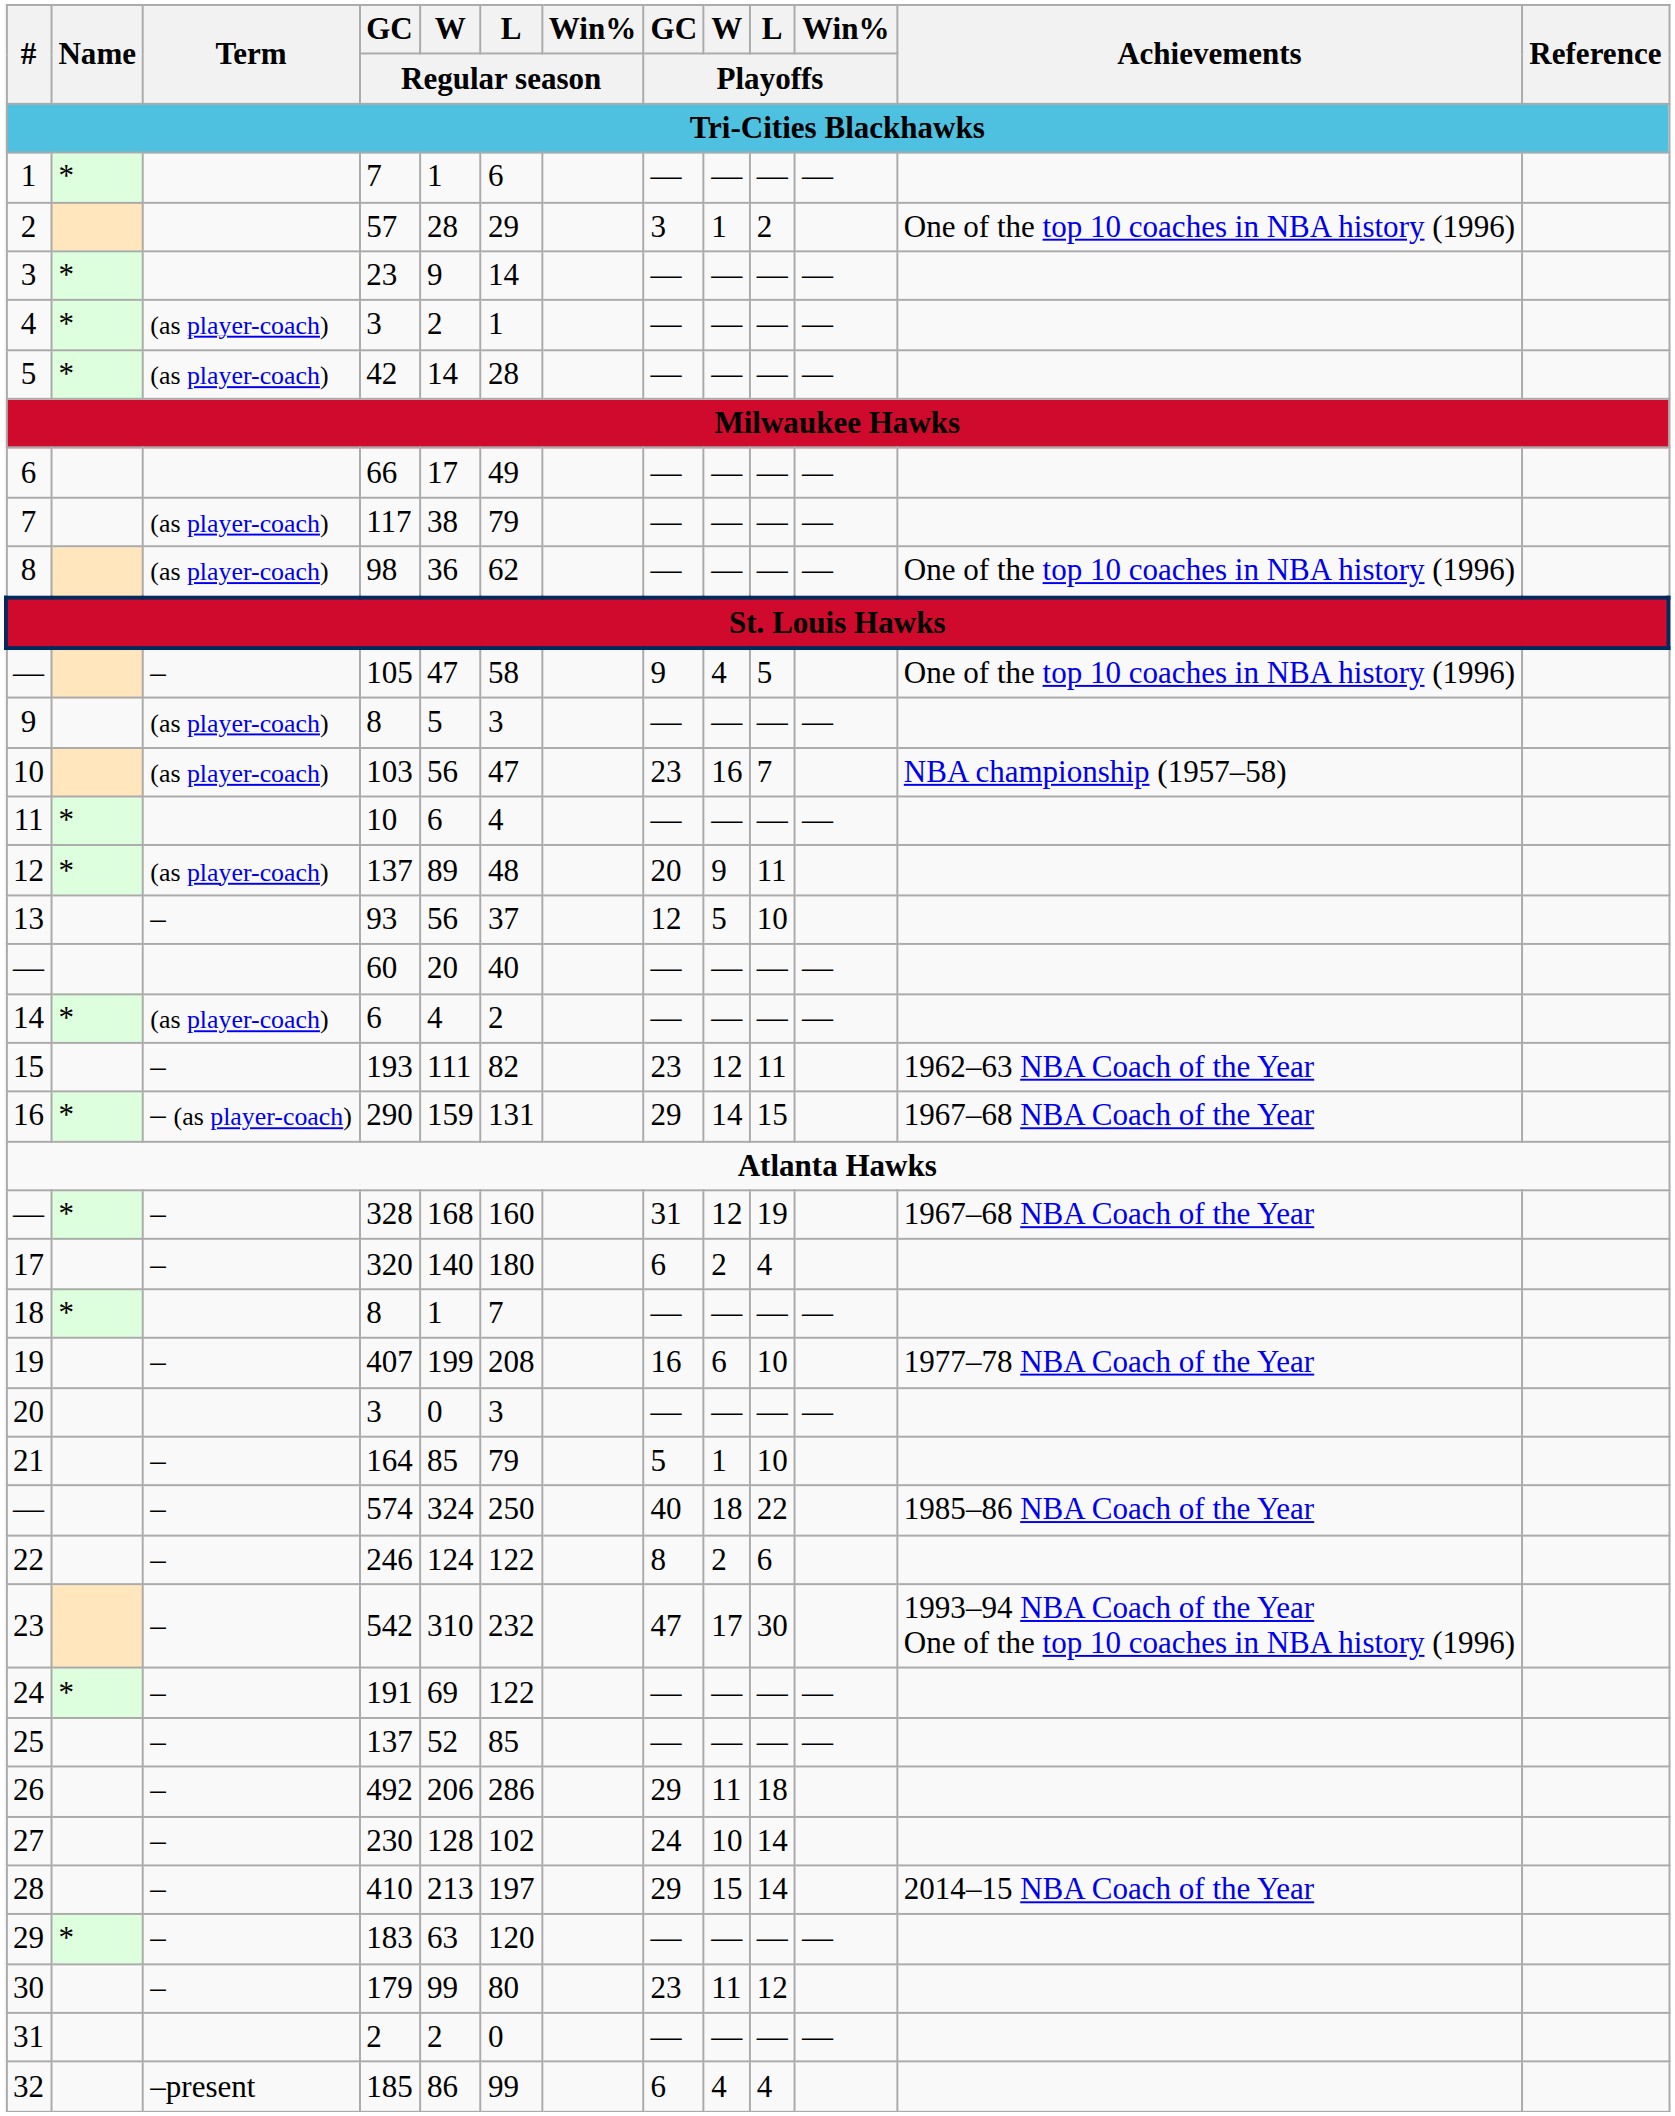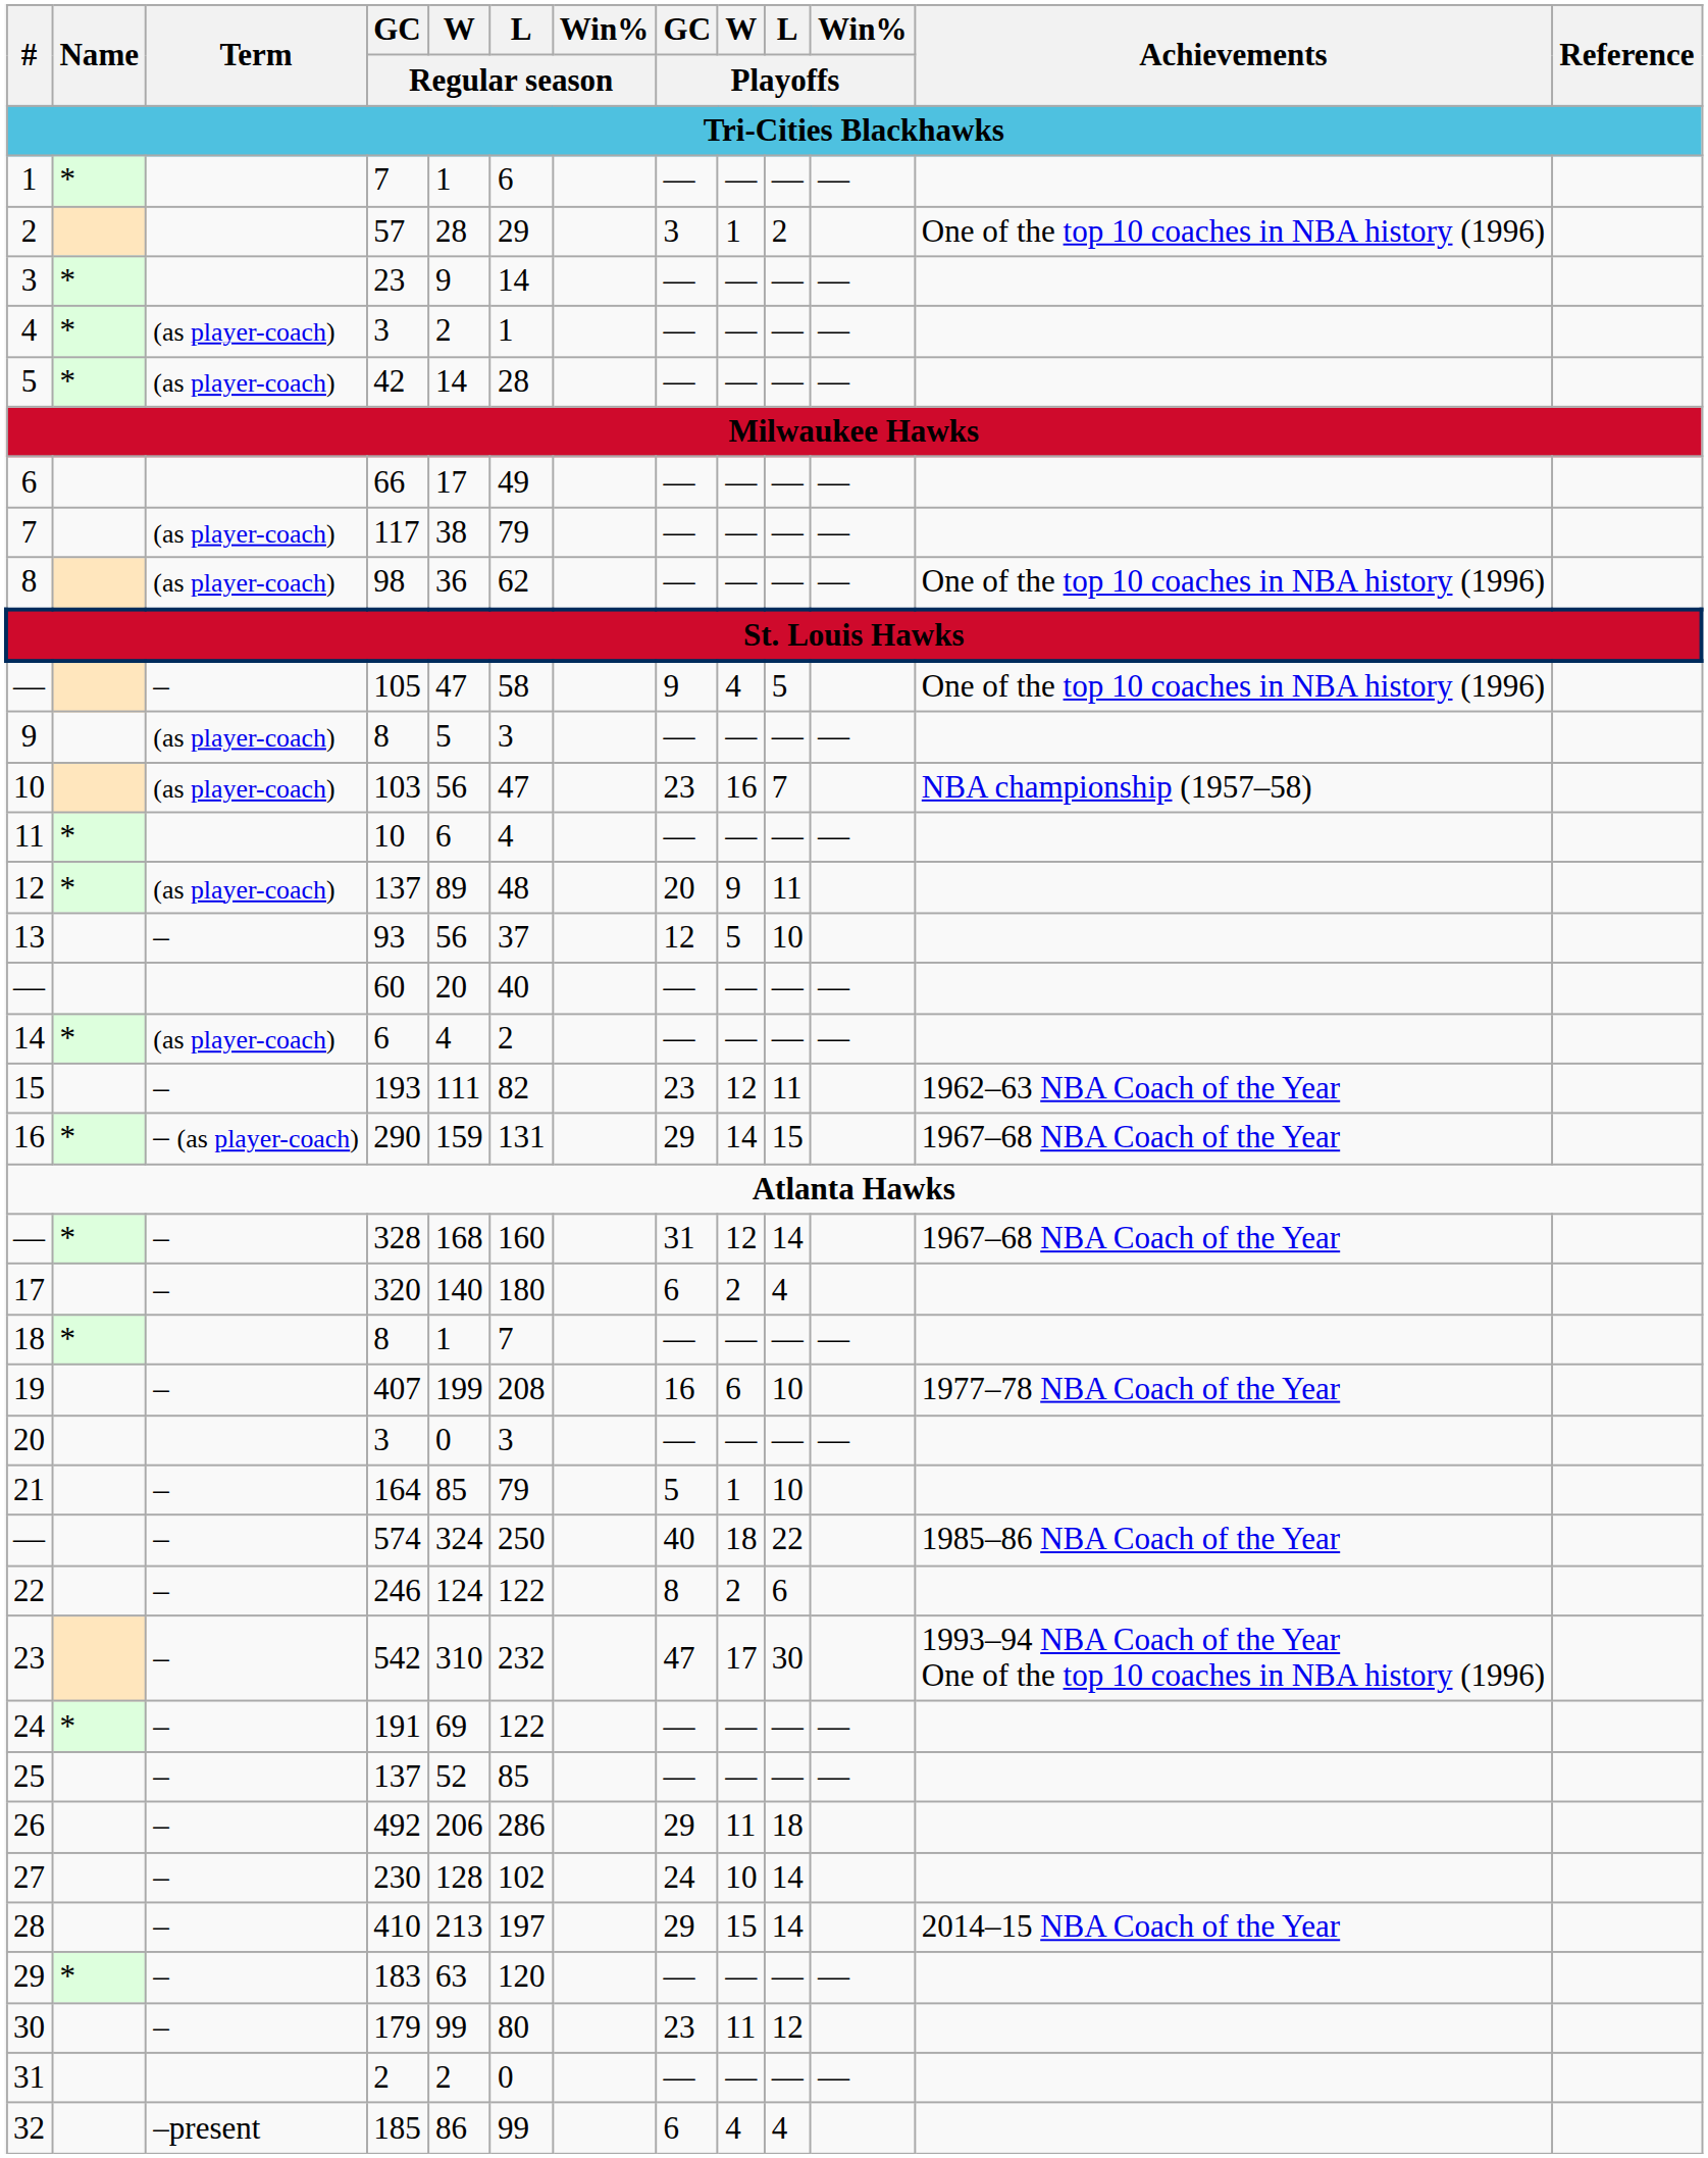 <table class="wikitable sortable">
 <tr>
 <th rowspan="2">#</th>
 <th rowspan="2">Name</th>
 <th rowspan="2">Term</th>
 <th>GC</th>
 <th>W</th>
 <th>L</th>
 <th>Win%</th>
 <th>GC</th>
 <th>W</th>
 <th>L</th>
 <th>Win%</th>
 <th rowspan="2" class=unsortable>Achievements</th>
 <th rowspan="2" class=unsortable>Reference</th>
 </tr>
 <tr class="unsortable">
 <th colspan="4">Regular season</th>
 <th colspan="4">Playoffs</th>
 </tr>
 <tr>
 <td align="center" colspan="15" style="background-color:#4EC1E0"><span><strong>Tri-Cities Blackhawks</strong></span></td>
 </tr>
 <tr>
 <td align=center>1</td>
 <td style="background-color:#ddffdd">*</td>
 <td></td>
 <td>7</td>
 <td>1</td>
 <td>6</td>
 <td></td>
 <td>—</td>
 <td>—</td>
 <td>—</td>
 <td>—</td>
 <td></td>
 <td align=center></td>
 </tr>
 <tr>
 <td align=center>2</td>
 <td style="background-color:#FFE6BD"></td>
 <td></td>
 <td>57</td>
 <td>28</td>
 <td>29</td>
 <td></td>
 <td>3</td>
 <td>1</td>
 <td>2</td>
 <td></td>
 <td>One of the <a href='#'>top 10 coaches in NBA history</a> (1996)</td>
 <td align=center></td>
 </tr>
 <tr>
 <td align=center>3</td>
 <td style="background-color:#ddffdd">*</td>
 <td></td>
 <td>23</td>
 <td>9</td>
 <td>14</td>
 <td></td>
 <td>—</td>
 <td>—</td>
 <td>—</td>
 <td>—</td>
 <td></td>
 <td align=center></td>
 </tr>
 <tr>
 <td align=center>4</td>
 <td style="background-color:#ddffdd">*</td>
 <td> <small>(as <a href='#'>player-coach</a>)</small></td>
 <td>3</td>
 <td>2</td>
 <td>1</td>
 <td></td>
 <td>—</td>
 <td>—</td>
 <td>—</td>
 <td>—</td>
 <td></td>
 <td align=center></td>
 </tr>
 <tr>
 <td align=center>5</td>
 <td style="background-color:#ddffdd">*</td>
 <td> <small>(as <a href='#'>player-coach</a>)</small></td>
 <td>42</td>
 <td>14</td>
 <td>28</td>
 <td></td>
 <td>—</td>
 <td>—</td>
 <td>—</td>
 <td>—</td>
 <td></td>
 <td align=center></td>
 </tr>
 <tr>
 <td align="center" colspan="16" style="background-color:#CF0A2C;"><span><strong>Milwaukee Hawks</strong></span></td>
 </tr>
 <tr>
 <td align=center>6</td>
 <td></td>
 <td></td>
 <td>66</td>
 <td>17</td>
 <td>49</td>
 <td></td>
 <td>—</td>
 <td>—</td>
 <td>—</td>
 <td>—</td>
 <td></td>
 <td align=center></td>
 </tr>
 <tr>
 <td align=center>7</td>
 <td></td>
 <td> <small>(as <a href='#'>player-coach</a>)</small><br></td>
 <td>117</td>
 <td>38</td>
 <td>79</td>
 <td></td>
 <td>—</td>
 <td>—</td>
 <td>—</td>
 <td>—</td>
 <td></td>
 <td align=center></td>
 </tr>
 <tr>
 <td align=center>8</td>
 <td style="background-color:#FFE6BD"></td>
 <td> <small>(as <a href='#'>player-coach</a>)</small><br></td>
 <td>98</td>
 <td>36</td>
 <td>62</td>
 <td></td>
 <td>—</td>
 <td>—</td>
 <td>—</td>
 <td>—</td>
 <td>One of the <a href='#'>top 10 coaches in NBA history</a> (1996)</td>
 <td align=center></td>
 </tr>
 <tr>
 <td align="center" colspan="16" style="border:2px solid #002B5C; background-color:#CF0A2C;"><span><strong>St. Louis Hawks</strong></span></td>
 </tr>
 <tr>
 <td align=center>—</td>
 <td style="background-color:#FFE6BD"></td>
 <td>–</td>
 <td>105</td>
 <td>47</td>
 <td>58</td>
 <td></td>
 <td>9</td>
 <td>4</td>
 <td>5</td>
 <td></td>
 <td>One of the <a href='#'>top 10 coaches in NBA history</a> (1996)</td>
 <td align=center></td>
 </tr>
 <tr>
 <td align=center>9</td>
 <td></td>
 <td> <small>(as <a href='#'>player-coach</a>)</small></td>
 <td>8</td>
 <td>5</td>
 <td>3</td>
 <td></td>
 <td>—</td>
 <td>—</td>
 <td>—</td>
 <td>—</td>
 <td></td>
 <td align=center></td>
 </tr>
 <tr>
 <td align=center>10</td>
 <td style="background-color:#FFE6BD"></td>
 <td> <small>(as <a href='#'>player-coach</a>)</small><br></td>
 <td>103</td>
 <td>56</td>
 <td>47</td>
 <td></td>
 <td>23</td>
 <td>16</td>
 <td>7</td>
 <td></td>
 <td><a href='#'>NBA championship</a> (1957–58)</td>
 <td align=center></td>
 </tr>
 <tr>
 <td align=center>11</td>
 <td style="background-color:#ddffdd">*</td>
 <td></td>
 <td>10</td>
 <td>6</td>
 <td>4</td>
 <td></td>
 <td>—</td>
 <td>—</td>
 <td>—</td>
 <td>—</td>
 <td></td>
 <td align=center></td>
 </tr>
 <tr>
 <td align=center>12</td>
 <td style="background-color:#ddffdd">*</td>
 <td> <small>(as <a href='#'>player-coach</a>)</small><br></td>
 <td>137</td>
 <td>89</td>
 <td>48</td>
 <td></td>
 <td>20</td>
 <td>9</td>
 <td>11</td>
 <td></td>
 <td></td>
 <td align=center></td>
 </tr>
 <tr>
 <td align=center>13</td>
 <td></td>
 <td>–</td>
 <td>93</td>
 <td>56</td>
 <td>37</td>
 <td></td>
 <td>12</td>
 <td>5</td>
 <td>10</td>
 <td></td>
 <td></td>
 <td align=center></td>
 </tr>
 <tr>
 <td align=center>—</td>
 <td></td>
 <td></td>
 <td>60</td>
 <td>20</td>
 <td>40</td>
 <td></td>
 <td>—</td>
 <td>—</td>
 <td>—</td>
 <td>—</td>
 <td></td>
 <td align=center></td>
 </tr>
 <tr>
 <td align=center>14</td>
 <td style="background-color:#ddffdd">*</td>
 <td> <small>(as <a href='#'>player-coach</a>)</small></td>
 <td>6</td>
 <td>4</td>
 <td>2</td>
 <td></td>
 <td>—</td>
 <td>—</td>
 <td>—</td>
 <td>—</td>
 <td></td>
 <td align=center></td>
 </tr>
 <tr>
 <td align=center>15</td>
 <td></td>
 <td>–</td>
 <td>193</td>
 <td>111</td>
 <td>82</td>
 <td></td>
 <td>23</td>
 <td>12</td>
 <td>11</td>
 <td></td>
 <td>1962–63 <a href='#'>NBA Coach of the Year</a></td>
 <td align=center></td>
 </tr>
 <tr>
 <td align=center>16</td>
 <td style="background-color:#ddffdd">*</td>
 <td>– <small>(as <a href='#'>player-coach</a>)</small></td>
 <td>290</td>
 <td>159</td>
 <td>131</td>
 <td></td>
 <td>29</td>
 <td>14</td>
 <td>15</td>
 <td></td>
 <td>1967–68 <a href='#'>NBA Coach of the Year</a></td>
 <td align=center></td>
 </tr>
 <tr>
 <td align="center" colspan="16"><strong>Atlanta Hawks</strong></td>
 </tr>
 <tr>
 <td align=center>—</td>
 <td style="background-color:#ddffdd">*</td>
 <td>–</td>
 <td>328</td>
 <td>168</td>
 <td>160</td>
 <td></td>
 <td>31</td>
 <td>12</td>
-<td>19</td>
+<td>14</td>
 <td></td>
 <td>1967–68 <a href='#'>NBA Coach of the Year</a></td>
 <td align=center></td>
 </tr>
 <tr>
 <td align=center>17</td>
 <td></td>
 <td>–</td>
 <td>320</td>
 <td>140</td>
 <td>180</td>
 <td></td>
 <td>6</td>
 <td>2</td>
 <td>4</td>
 <td></td>
 <td></td>
 <td align=center></td>
 </tr>
 <tr>
 <td align=center>18</td>
 <td style="background-color:#ddffdd">*</td>
 <td></td>
 <td>8</td>
 <td>1</td>
 <td>7</td>
 <td></td>
 <td>—</td>
 <td>—</td>
 <td>—</td>
 <td>—</td>
 <td></td>
 <td align=center></td>
 </tr>
 <tr>
 <td align=center>19</td>
 <td></td>
 <td>–</td>
 <td>407</td>
 <td>199</td>
 <td>208</td>
 <td></td>
 <td>16</td>
 <td>6</td>
 <td>10</td>
 <td></td>
 <td>1977–78 <a href='#'>NBA Coach of the Year</a></td>
 <td align=center></td>
 </tr>
 <tr>
 <td align=center>20</td>
 <td></td>
 <td></td>
 <td>3</td>
 <td>0</td>
 <td>3</td>
 <td></td>
 <td>—</td>
 <td>—</td>
 <td>—</td>
 <td>—</td>
 <td></td>
 <td align=center></td>
 </tr>
 <tr>
 <td align=center>21</td>
 <td></td>
 <td>–</td>
 <td>164</td>
 <td>85</td>
 <td>79</td>
 <td></td>
 <td>5</td>
 <td>1</td>
 <td>10</td>
 <td></td>
 <td></td>
 <td align=center></td>
 </tr>
 <tr>
 <td align=center>—</td>
 <td></td>
 <td>–</td>
 <td>574</td>
 <td>324</td>
 <td>250</td>
 <td></td>
 <td>40</td>
 <td>18</td>
 <td>22</td>
 <td></td>
 <td>1985–86 <a href='#'>NBA Coach of the Year</a></td>
 <td align=center></td>
 </tr>
 <tr>
 <td align=center>22</td>
 <td></td>
 <td>–</td>
 <td>246</td>
 <td>124</td>
 <td>122</td>
 <td></td>
 <td>8</td>
 <td>2</td>
 <td>6</td>
 <td></td>
 <td></td>
 <td align=center></td>
 </tr>
 <tr>
 <td align=center>23</td>
 <td style="background-color:#FFE6BD"></td>
 <td>–</td>
 <td>542</td>
 <td>310</td>
 <td>232</td>
 <td></td>
 <td>47</td>
 <td>17</td>
 <td>30</td>
 <td></td>
 <td>1993–94 <a href='#'>NBA Coach of the Year</a><br>One of the <a href='#'>top 10 coaches in NBA history</a> (1996)</td>
 <td align=center></td>
 </tr>
 <tr>
 <td align=center>24</td>
 <td style="background-color:#ddffdd">*</td>
 <td>–</td>
 <td>191</td>
 <td>69</td>
 <td>122</td>
 <td></td>
 <td>—</td>
 <td>—</td>
 <td>—</td>
 <td>—</td>
 <td></td>
 <td align=center></td>
 </tr>
 <tr>
 <td align=center>25</td>
 <td></td>
 <td>–</td>
 <td>137</td>
 <td>52</td>
 <td>85</td>
 <td></td>
 <td>—</td>
 <td>—</td>
 <td>—</td>
 <td>—</td>
 <td></td>
 <td align=center></td>
 </tr>
 <tr>
 <td align=center>26</td>
 <td></td>
 <td>–</td>
 <td>492</td>
 <td>206</td>
 <td>286</td>
 <td></td>
 <td>29</td>
 <td>11</td>
 <td>18</td>
 <td></td>
 <td></td>
 <td align=center></td>
 </tr>
 <tr>
 <td align=center>27</td>
 <td></td>
 <td>–</td>
 <td>230</td>
 <td>128</td>
 <td>102</td>
 <td></td>
 <td>24</td>
 <td>10</td>
 <td>14</td>
 <td></td>
 <td></td>
 <td align=center></td>
 </tr>
 <tr>
 <td align=center>28</td>
 <td></td>
 <td>–</td>
 <td>410</td>
 <td>213</td>
 <td>197</td>
 <td></td>
 <td>29</td>
 <td>15</td>
 <td>14</td>
 <td></td>
 <td>2014–15 <a href='#'>NBA Coach of the Year</a></td>
 <td align=center></td>
 </tr>
 <tr>
 <td align=center>29</td>
 <td style="background-color:#ddffdd">*</td>
 <td>–</td>
 <td>183</td>
 <td>63</td>
 <td>120</td>
 <td></td>
 <td>—</td>
 <td>—</td>
 <td>—</td>
 <td>—</td>
 <td></td>
 <td align=center></td>
 </tr>
 <tr>
 <td align=center>30</td>
 <td></td>
 <td>–</td>
 <td>179</td>
 <td>99</td>
 <td>80</td>
 <td></td>
 <td>23</td>
 <td>11</td>
 <td>12</td>
 <td></td>
 <td></td>
 <td align=center></td>
 </tr>
 <tr>
 <td align=center>31</td>
 <td></td>
 <td></td>
 <td>2</td>
 <td>2</td>
 <td>0</td>
 <td></td>
 <td>—</td>
 <td>—</td>
 <td>—</td>
 <td>—</td>
 <td></td>
 <td align=center></td>
 </tr>
 <tr>
 <td align=center>32</td>
 <td></td>
 <td>–present</td>
 <td>185</td>
 <td>86</td>
 <td>99</td>
 <td></td>
 <td>6</td>
 <td>4</td>
 <td>4</td>
 <td></td>
 <td></td>
 <td align=center></td>
 </tr>
 </table>
